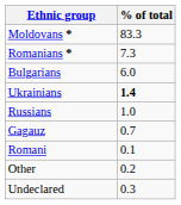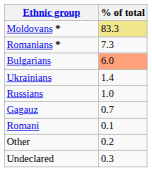 <table class="wikitable sortable">
 <tr>
 <th style="width:140px;"><a href='#'>Ethnic group</a></th>
 <th>% of total</th>
 </tr>
 <tr>
 <td><a href='#'>Moldovans</a> <strong>*</strong></td>
-<td>83.3</td>
+<td style="background: khaki;">83.3</td>
 </tr>
 <tr>
 <td><a href='#'>Romanians</a> <strong>*</strong></td>
 <td>7.3</td>
 </tr>
 <tr>
 <td><a href='#'>Bulgarians</a></td>
-<td>6.0</td>
+<td style="background: lightsalmon;">6.0</td>
 </tr>
 <tr>
 <td><a href='#'>Ukrainians</a></td>
-<td><strong>1.4</strong></td>
+<td>1.4</td>
 </tr>
 <tr>
 <td><a href='#'>Russians</a></td>
 <td>1.0</td>
 </tr>
 <tr>
 <td><a href='#'>Gagauz</a></td>
 <td>0.7</td>
 </tr>
 <tr>
 <td><a href='#'>Romani</a></td>
 <td>0.1</td>
 </tr>
 <tr>
 <td>Other</td>
 <td>0.2</td>
 </tr>
 <tr>
 <td>Undeclared</td>
 <td>0.3</td>
 </tr>
 </table>
